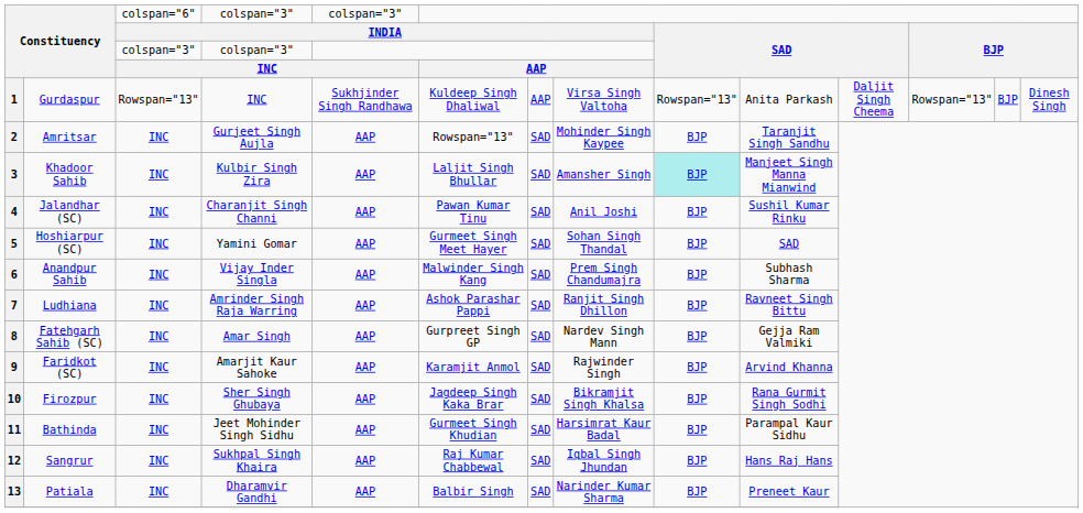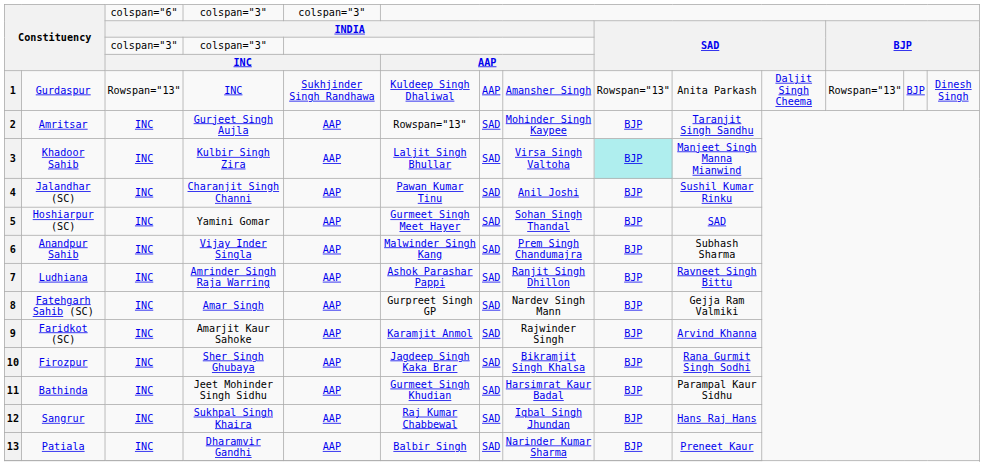 <table class="wikitable sortable" style="text-align:center;">
 <tr>
 <th colspan="2" rowspan="4">Constituency</th>
 <td>colspan="6" </td>
 <td>colspan="3"  </td>
 <td>colspan="3" </td>
 </tr>
 <tr>
 <th colspan="6"><a href='#'>INDIA</a></th>
 <th colspan="3" rowspan ="3"><a href='#'>SAD</a></th>
 <th colspan="3" rowspan ="3"><a href='#'>BJP</a></th>
 </tr>
 <tr>
 <td>colspan="3" </td>
 <td>colspan="3" </td>
 </tr>
 <tr>
 <th colspan="3"><a href='#'>INC</a></th>
 <th colspan="3"><a href='#'>AAP</a></th>
 </tr>
 <tr>
 <th>1</th>
 <td><a href='#'>Gurdaspur</a></td>
 <td>Rowspan="13" </td>
 <td><a href='#'>INC</a></td>
 <td><a href='#'>Sukhjinder Singh Randhawa</a></td>
 <td><a href='#'>Kuldeep Singh Dhaliwal</a></td>
 <td><a href='#'>AAP</a></td>
-<td><a href='#'>Virsa Singh Valtoha</a></td>
+<td><a href='#'>Amansher Singh</a></td>
 <td>Rowspan="13" </td>
 <td>Anita Parkash</td>
 <td><a href='#'>Daljit Singh Cheema</a></td>
 <td>Rowspan="13" </td>
 <td><a href='#'>BJP</a></td>
 <td><a href='#'>Dinesh Singh</a></td>
 </tr>
 <tr>
 <th>2</th>
 <td><a href='#'>Amritsar</a></td>
 <td><a href='#'>INC</a></td>
 <td><a href='#'>Gurjeet Singh Aujla</a></td>
 <td><a href='#'>AAP</a></td>
 <td>Rowspan="13" </td>
 <td><a href='#'>SAD</a></td>
 <td><a href='#'>Mohinder Singh Kaypee</a></td>
 <td><a href='#'>BJP</a></td>
 <td><a href='#'>Taranjit Singh Sandhu</a></td>
 </tr>
 <tr>
 <th>3</th>
 <td><a href='#'>Khadoor Sahib</a></td>
 <td><a href='#'>INC</a></td>
 <td><a href='#'>Kulbir Singh Zira</a></td>
 <td><a href='#'>AAP</a></td>
 <td><a href='#'>Laljit Singh Bhullar</a></td>
 <td><a href='#'>SAD</a></td>
-<td><a href='#'>Amansher Singh</a></td>
+<td><a href='#'>Virsa Singh Valtoha</a></td>
 <td style="background: paleturquoise;"><a href='#'>BJP</a></td>
 <td><a href='#'>Manjeet Singh Manna Mianwind</a></td>
 </tr>
 <tr>
 <th>4</th>
 <td><a href='#'>Jalandhar</a> (SC)</td>
 <td><a href='#'>INC</a></td>
 <td><a href='#'>Charanjit Singh Channi</a></td>
 <td><a href='#'>AAP</a></td>
 <td><a href='#'>Pawan Kumar Tinu</a></td>
 <td><a href='#'>SAD</a></td>
 <td><a href='#'>Anil Joshi</a></td>
 <td><a href='#'>BJP</a></td>
 <td><a href='#'>Sushil Kumar Rinku</a></td>
 </tr>
 <tr>
 <th>5</th>
 <td><a href='#'>Hoshiarpur</a> (SC)</td>
 <td><a href='#'>INC</a></td>
 <td>Yamini Gomar</td>
 <td><a href='#'>AAP</a></td>
 <td><a href='#'>Gurmeet Singh Meet Hayer</a></td>
 <td><a href='#'>SAD</a></td>
 <td><a href='#'>Sohan Singh Thandal</a></td>
 <td><a href='#'>BJP</a></td>
 <td><a href='#'>SAD</a></td>
 </tr>
 <tr>
 <th>6</th>
 <td><a href='#'>Anandpur Sahib</a></td>
 <td><a href='#'>INC</a></td>
 <td><a href='#'>Vijay Inder Singla</a></td>
 <td><a href='#'>AAP</a></td>
 <td><a href='#'>Malwinder Singh Kang</a></td>
 <td><a href='#'>SAD</a></td>
 <td><a href='#'>Prem Singh Chandumajra</a></td>
 <td><a href='#'>BJP</a></td>
 <td>Subhash Sharma</td>
 </tr>
 <tr>
 <th>7</th>
 <td><a href='#'>Ludhiana</a></td>
 <td><a href='#'>INC</a></td>
 <td><a href='#'>Amrinder Singh Raja Warring</a></td>
 <td><a href='#'>AAP</a></td>
 <td><a href='#'>Ashok Parashar Pappi</a></td>
 <td><a href='#'>SAD</a></td>
 <td><a href='#'>Ranjit Singh Dhillon</a></td>
 <td><a href='#'>BJP</a></td>
 <td><a href='#'>Ravneet Singh Bittu</a></td>
 </tr>
 <tr>
 <th>8</th>
 <td><a href='#'>Fatehgarh Sahib</a> (SC)</td>
 <td><a href='#'>INC</a></td>
 <td><a href='#'>Amar Singh</a></td>
 <td><a href='#'>AAP</a></td>
 <td>Gurpreet Singh GP</td>
 <td><a href='#'>SAD</a></td>
 <td>Nardev Singh Mann</td>
 <td><a href='#'>BJP</a></td>
 <td>Gejja Ram Valmiki</td>
 </tr>
 <tr>
 <th>9</th>
 <td><a href='#'>Faridkot</a> (SC)</td>
 <td><a href='#'>INC</a></td>
 <td>Amarjit Kaur Sahoke</td>
 <td><a href='#'>AAP</a></td>
 <td><a href='#'>Karamjit Anmol</a></td>
 <td><a href='#'>SAD</a></td>
 <td>Rajwinder Singh</td>
 <td><a href='#'>BJP</a></td>
 <td><a href='#'>Arvind Khanna</a></td>
 </tr>
 <tr>
 <th>10</th>
 <td><a href='#'>Firozpur</a></td>
 <td><a href='#'>INC</a></td>
 <td><a href='#'>Sher Singh Ghubaya</a></td>
 <td><a href='#'>AAP</a></td>
 <td><a href='#'>Jagdeep Singh Kaka Brar</a></td>
 <td><a href='#'>SAD</a></td>
 <td><a href='#'>Bikramjit Singh Khalsa</a></td>
 <td><a href='#'>BJP</a></td>
 <td><a href='#'>Rana Gurmit Singh Sodhi</a></td>
 </tr>
 <tr>
 <th>11</th>
 <td><a href='#'>Bathinda</a></td>
 <td><a href='#'>INC</a></td>
 <td>Jeet Mohinder Singh Sidhu</td>
 <td><a href='#'>AAP</a></td>
 <td><a href='#'>Gurmeet Singh Khudian</a></td>
 <td><a href='#'>SAD</a></td>
 <td><a href='#'>Harsimrat Kaur Badal</a></td>
 <td><a href='#'>BJP</a></td>
 <td>Parampal Kaur Sidhu</td>
 </tr>
 <tr>
 <th>12</th>
 <td><a href='#'>Sangrur</a></td>
 <td><a href='#'>INC</a></td>
 <td><a href='#'>Sukhpal Singh Khaira</a></td>
 <td><a href='#'>AAP</a></td>
 <td><a href='#'>Raj Kumar Chabbewal</a></td>
 <td><a href='#'>SAD</a></td>
 <td><a href='#'>Iqbal Singh Jhundan</a></td>
 <td><a href='#'>BJP</a></td>
 <td><a href='#'>Hans Raj Hans</a></td>
 </tr>
 <tr>
 <th>13</th>
 <td><a href='#'>Patiala</a></td>
 <td><a href='#'>INC</a></td>
 <td><a href='#'>Dharamvir Gandhi</a></td>
 <td><a href='#'>AAP</a></td>
 <td><a href='#'>Balbir Singh</a></td>
 <td><a href='#'>SAD</a></td>
 <td><a href='#'>Narinder Kumar Sharma</a></td>
 <td><a href='#'>BJP</a></td>
 <td><a href='#'>Preneet Kaur</a></td>
 </tr>
 <tr>
 </tr>
 </table>
